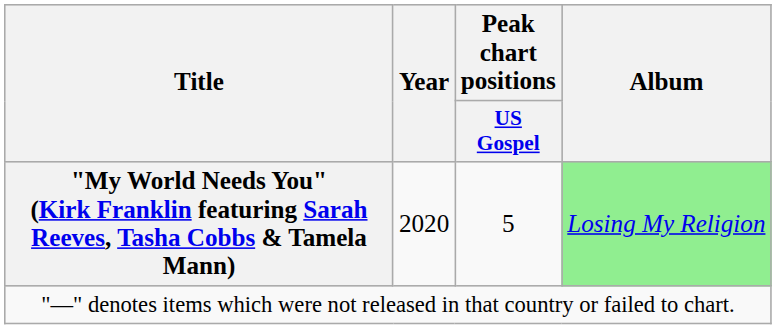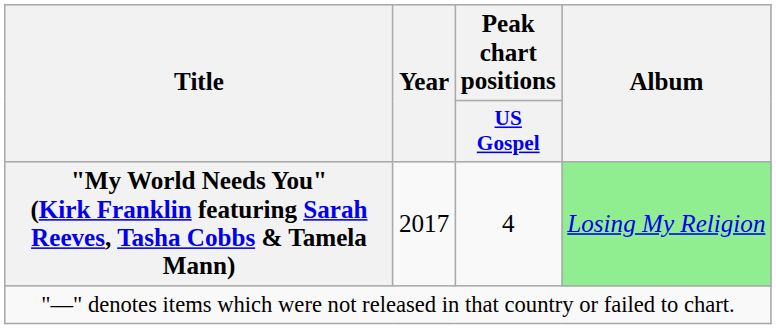 <table class="wikitable plainrowheaders" style="text-align:center;" border="1">
 <tr>
 <th scope="col" rowspan="2" style="width:15em;">Title</th>
 <th scope="col" rowspan="2">Year</th>
 <th scope="col" colspan="1">Peak chart positions</th>
 <th scope="col" rowspan="2">Album</th>
 </tr>
 <tr>
 <th scope="col" style="width:3em;font-size:85%;"><a href='#'>US<br>Gospel</a><br></th>
 </tr>
 <tr>
 <th scope="row">"My World Needs You" <br><span>(<a href='#'>Kirk Franklin</a> featuring <a href='#'>Sarah Reeves</a>, <a href='#'>Tasha Cobbs</a> & Tamela Mann)</span></th>
-<td rowspan="1">2020</td>
-<td>5</td>
+<td rowspan="1">2017</td>
+<td>4</td>
 <td rowspan="1" style="background: lightgreen;"><em><a href='#'>Losing My Religion</a></em></td>
 </tr>
 <tr>
 <td colspan="10" align="center" style="font-size:90%;">"—" denotes items which were not released in that country or failed to chart.</td>
 </tr>
 </table>
